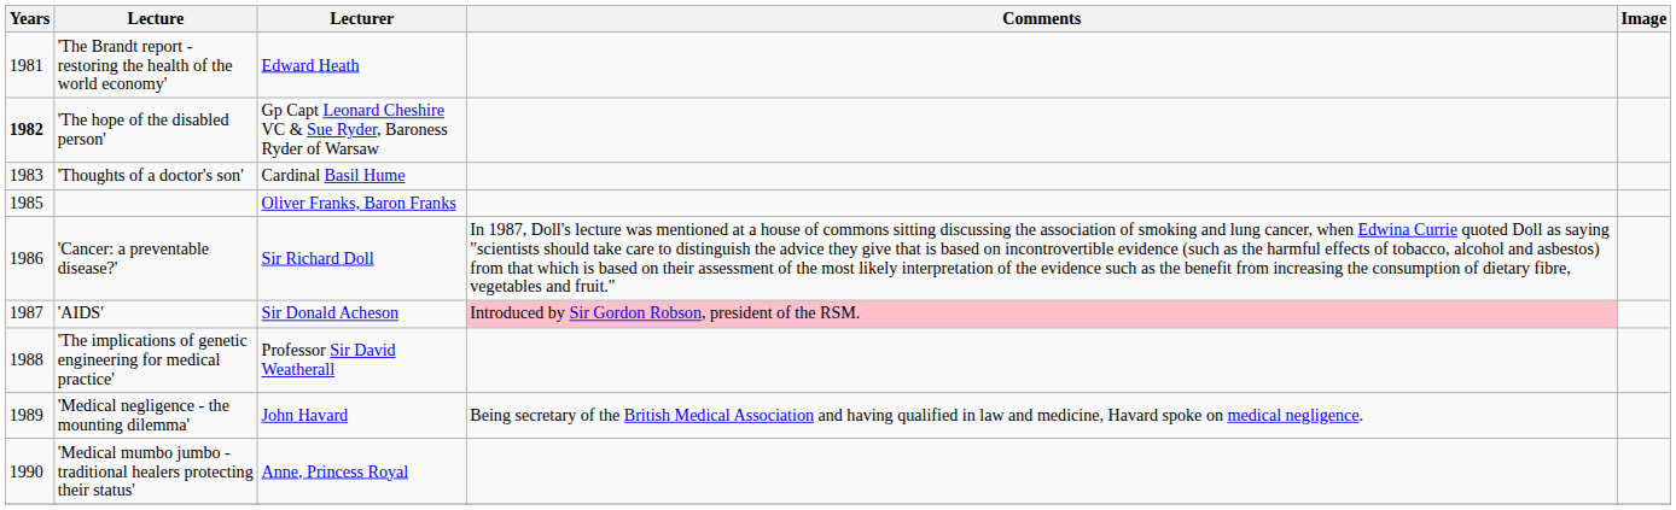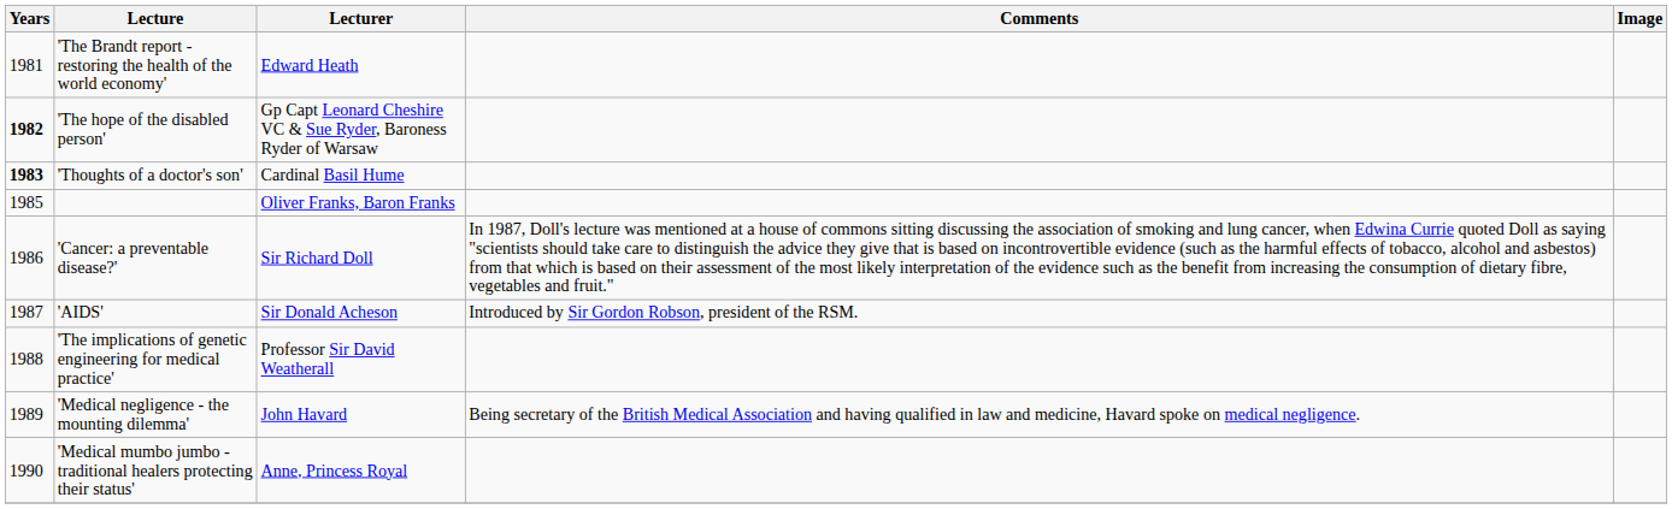 <table class="wikitable">
 <tr>
 <th>Years</th>
 <th>Lecture</th>
 <th>Lecturer</th>
 <th>Comments</th>
 <th>Image</th>
 </tr>
 <tr>
 <td>1981</td>
 <td>'The Brandt report - restoring the health of the world economy'</td>
 <td><a href='#'>Edward Heath</a></td>
 <td></td>
 <td></td>
 </tr>
 <tr>
 <td><strong>1982</strong></td>
 <td>'The hope of the disabled person'</td>
 <td>Gp Capt <a href='#'>Leonard Cheshire</a> VC & <a href='#'>Sue Ryder</a>, Baroness Ryder of Warsaw</td>
 <td></td>
 <td></td>
 </tr>
 <tr>
-<td>1983</td>
+<td><strong>1983</strong></td>
 <td>'Thoughts of a doctor's son'</td>
 <td>Cardinal <a href='#'>Basil Hume</a></td>
 <td></td>
 <td></td>
 </tr>
 <tr>
 <td>1985</td>
 <td></td>
 <td><a href='#'>Oliver Franks, Baron Franks</a></td>
 <td></td>
 <td></td>
 </tr>
 <tr>
 <td>1986</td>
 <td>'Cancer: a preventable disease?'</td>
 <td><a href='#'>Sir Richard Doll</a></td>
 <td>In 1987, Doll's lecture was mentioned at a house of commons sitting discussing the association of smoking and lung cancer, when <a href='#'>Edwina Currie</a> quoted Doll as saying "scientists should take care to distinguish the advice they give that is based on incontrovertible evidence (such as the harmful effects of tobacco, alcohol and asbestos) from that which is based on their assessment of the most likely interpretation of the evidence such as the benefit from increasing the consumption of dietary fibre, vegetables and fruit."</td>
 <td></td>
 </tr>
 <tr>
 <td>1987</td>
 <td>'AIDS'</td>
 <td><a href='#'>Sir Donald Acheson</a></td>
-<td style="background: pink;">Introduced by <a href='#'>Sir Gordon Robson</a>, president of the RSM.</td>
+<td>Introduced by <a href='#'>Sir Gordon Robson</a>, president of the RSM.</td>
 <td></td>
 </tr>
 <tr>
 <td>1988</td>
 <td>'The implications of genetic engineering for medical practice'</td>
 <td>Professor <a href='#'>Sir David Weatherall</a></td>
 <td></td>
 <td></td>
 </tr>
 <tr>
 <td>1989</td>
 <td>'Medical negligence - the mounting dilemma'</td>
 <td><a href='#'>John Havard</a></td>
 <td>Being secretary of the <a href='#'>British Medical Association</a> and having qualified in law and medicine, Havard spoke on <a href='#'>medical negligence</a>.</td>
 <td></td>
 </tr>
 <tr>
 <td>1990</td>
 <td>'Medical mumbo jumbo - traditional healers protecting their status'</td>
 <td><a href='#'>Anne, Princess Royal</a></td>
 <td></td>
 <td></td>
 </tr>
 <tr>
 </tr>
 </table>
